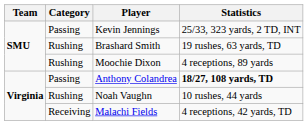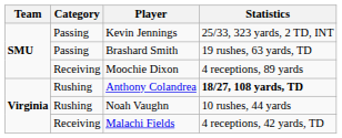 <table class="wikitable" style="float: right;">
 <tr>
 <th>Team</th>
 <th>Category</th>
 <th>Player</th>
 <th>Statistics</th>
 </tr>
 <tr>
 <td rowspan=3><strong>SMU</strong></td>
 <td>Passing</td>
 <td>Kevin Jennings</td>
 <td>25/33, 323 yards, 2 TD, INT</td>
 </tr>
 <tr>
-<td>Rushing</td>
+<td>Passing</td>
 <td>Brashard Smith</td>
 <td>19 rushes, 63 yards, TD</td>
 </tr>
 <tr>
-<td>Rushing</td>
+<td>Receiving</td>
 <td>Moochie Dixon</td>
 <td>4 receptions, 89 yards</td>
 </tr>
 <tr>
 <td rowspan=3><strong>Virginia</strong></td>
-<td>Passing</td>
+<td>Rushing</td>
 <td><a href='#'>Anthony Colandrea</a></td>
 <td><strong>18/27, 108 yards, TD</strong></td>
 </tr>
 <tr>
 <td>Rushing</td>
 <td>Noah Vaughn</td>
 <td>10 rushes, 44 yards</td>
 </tr>
 <tr>
 <td>Receiving</td>
 <td><a href='#'>Malachi Fields</a></td>
 <td>4 receptions, 42 yards, TD</td>
 </tr>
 </table>
